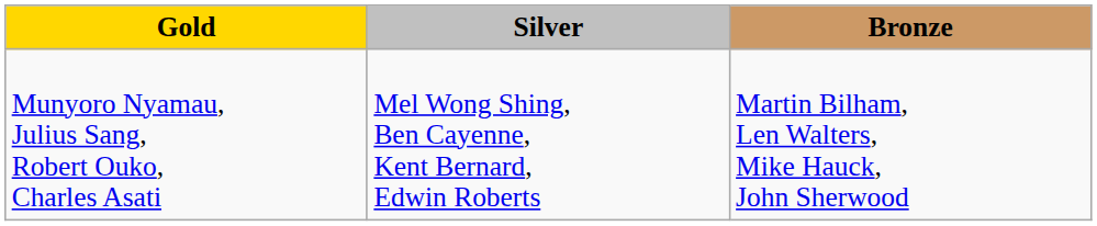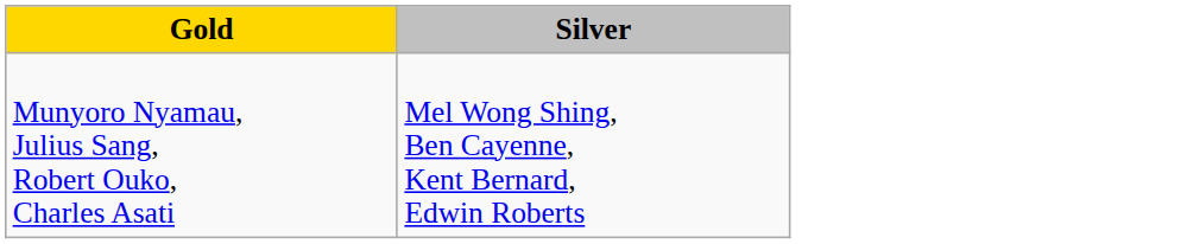 <table class="wikitable">
 <tr>
 <th scope=col style="background-color:gold; width:200px;">Gold</th>
 <th scope=col style="background-color:silver; width:200px;">Silver</th>
-<th scope=col style="background-color:#cc9966; width:200px;">Bronze</th>
 </tr>
 <tr>
 <td style="vertical-align:text-top;"><em></em><br><a href='#'>Munyoro Nyamau</a>,<br><a href='#'>Julius Sang</a>,<br><a href='#'>Robert Ouko</a>,<br><a href='#'>Charles Asati</a></td>
 <td style="vertical-align:text-top;"><em></em><br><a href='#'>Mel Wong Shing</a>,<br><a href='#'>Ben Cayenne</a>,<br><a href='#'>Kent Bernard</a>,<br><a href='#'>Edwin Roberts</a></td>
-<td style="vertical-align:text-top;"><em></em><br><a href='#'>Martin Bilham</a>,<br><a href='#'>Len Walters</a>,<br><a href='#'>Mike Hauck</a>,<br><a href='#'>John Sherwood</a></td>
 </tr>
 </table>
